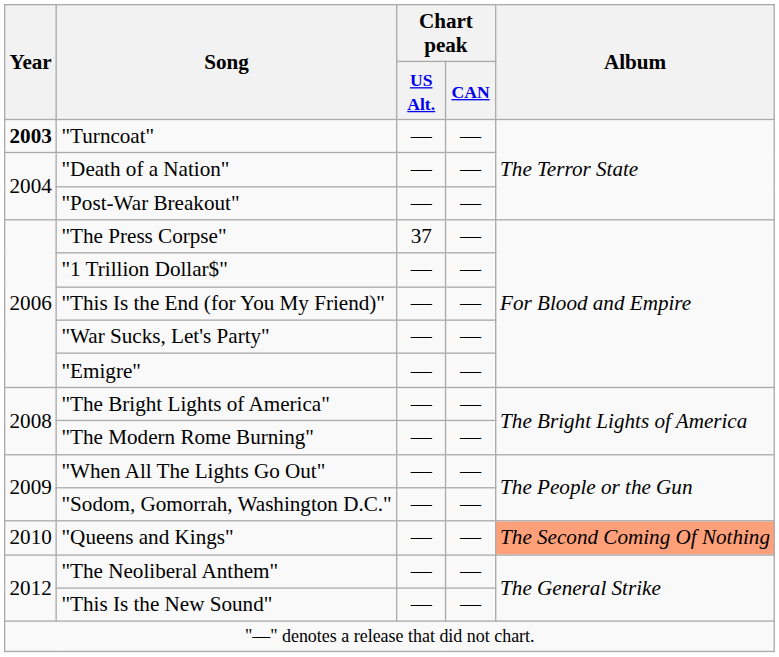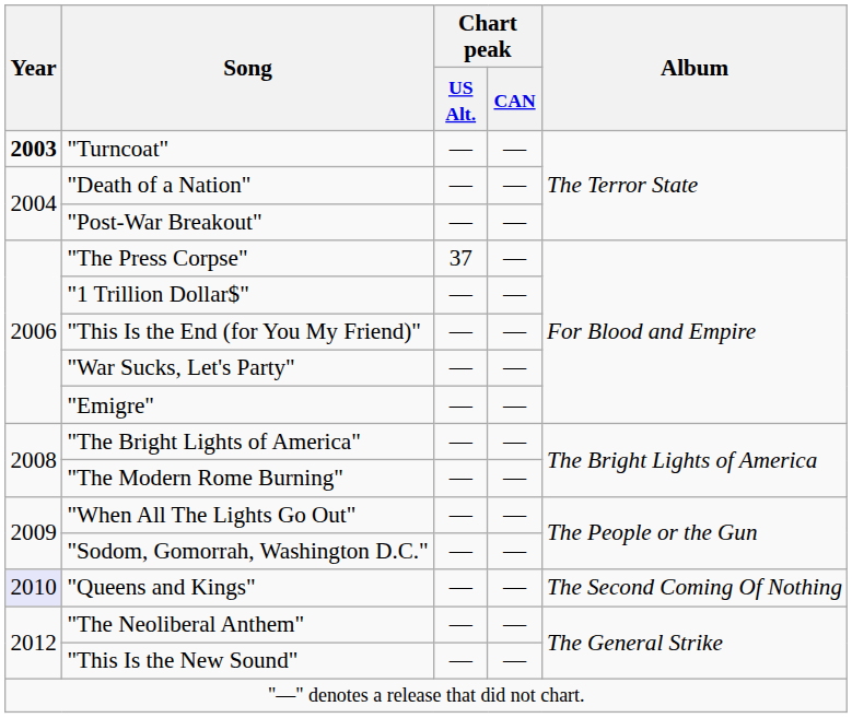 <table class="wikitable">
 <tr>
 <th rowspan="2">Year</th>
 <th rowspan="2">Song</th>
 <th colspan="2">Chart peak</th>
 <th rowspan="2">Album</th>
 </tr>
 <tr>
 <th width="30"><small><a href='#'>US Alt.</a></small><br></th>
 <th width="30"><small><a href='#'>CAN</a></small><br></th>
 </tr>
 <tr>
 <td><strong>2003</strong></td>
 <td>"Turncoat"</td>
 <td align="center">—</td>
 <td align="center">—</td>
 <td rowspan="3"><em>The Terror State</em></td>
 </tr>
 <tr>
 <td rowspan="2">2004</td>
 <td>"Death of a Nation"</td>
 <td align="center">—</td>
 <td align="center">—</td>
 </tr>
 <tr>
 <td>"Post-War Breakout"</td>
 <td align="center">—</td>
 <td align="center">—</td>
 </tr>
 <tr>
 <td rowspan="5">2006</td>
 <td>"The Press Corpse"</td>
 <td align="center">37</td>
 <td align="center">—</td>
 <td rowspan="5"><em>For Blood and Empire</em></td>
 </tr>
 <tr>
 <td>"1 Trillion Dollar$"</td>
 <td align="center">—</td>
 <td align="center">—</td>
 </tr>
 <tr>
 <td>"This Is the End (for You My Friend)"</td>
 <td align="center">—</td>
 <td align="center">—</td>
 </tr>
 <tr>
 <td>"War Sucks, Let's Party"</td>
 <td align="center">—</td>
 <td align="center">—</td>
 </tr>
 <tr>
 <td>"Emigre"</td>
 <td align="center">—</td>
 <td align="center">—</td>
 </tr>
 <tr>
 <td rowspan="2">2008</td>
 <td>"The Bright Lights of America"</td>
 <td align="center">—</td>
 <td align="center">—</td>
 <td rowspan="2"><em>The Bright Lights of America</em></td>
 </tr>
 <tr>
 <td>"The Modern Rome Burning"</td>
 <td align="center">—</td>
 <td align="center">—</td>
 </tr>
 <tr>
 <td rowspan="2">2009</td>
 <td>"When All The Lights Go Out"</td>
 <td align="center">—</td>
 <td align="center">—</td>
 <td rowspan="2"><em>The People or the Gun</em></td>
 </tr>
 <tr>
 <td>"Sodom, Gomorrah, Washington D.C."</td>
 <td align="center">—</td>
 <td align="center">—</td>
 </tr>
 <tr>
-<td>2010</td>
+<td style="background: lavender;">2010</td>
 <td>"Queens and Kings"</td>
 <td align="center">—</td>
 <td align="center">—</td>
-<td style="background: lightsalmon;"><em>The Second Coming Of Nothing</em></td>
+<td><em>The Second Coming Of Nothing</em></td>
 </tr>
 <tr>
 <td rowspan="2">2012</td>
 <td>"The Neoliberal Anthem"</td>
 <td align="center">—</td>
 <td align="center">—</td>
 <td rowspan="2"><em>The General Strike</em></td>
 </tr>
 <tr>
 <td>"This Is the New Sound"</td>
 <td align="center">—</td>
 <td align="center">—</td>
 </tr>
 <tr>
 <td colspan="10" style="text-align:center; font-size:85%">"—" denotes a release that did not chart.</td>
 </tr>
 </table>
